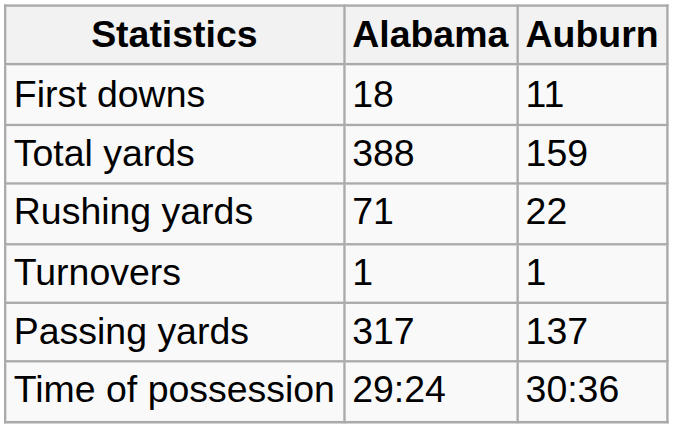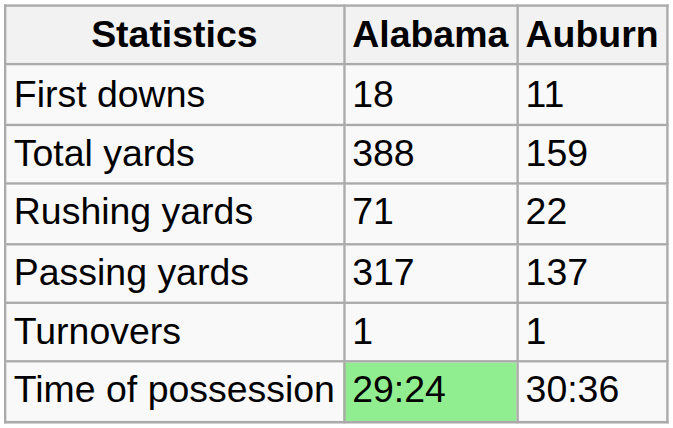 <table class="wikitable" style="float: left;">
 <tr>
 <th>Statistics</th>
 <th>Alabama</th>
 <th>Auburn</th>
 </tr>
 <tr>
 <td>First downs</td>
 <td>18</td>
 <td>11</td>
 </tr>
 <tr>
 <td>Total yards</td>
 <td>388</td>
 <td>159</td>
 </tr>
 <tr>
 <td>Rushing yards</td>
 <td>71</td>
 <td>22</td>
 </tr>
 <tr>
+<td>Passing yards</td>
+<td>317</td>
+<td>137</td>
+</tr>
+<tr>
 <td>Turnovers</td>
 <td>1</td>
 <td>1</td>
 </tr>
 <tr>
-<td>Passing yards</td>
-<td>317</td>
-<td>137</td>
-</tr>
-<tr>
 <td>Time of possession</td>
-<td>29:24</td>
+<td style="background: lightgreen;">29:24</td>
 <td>30:36</td>
 </tr>
 <tr>
 </tr>
 </table>
